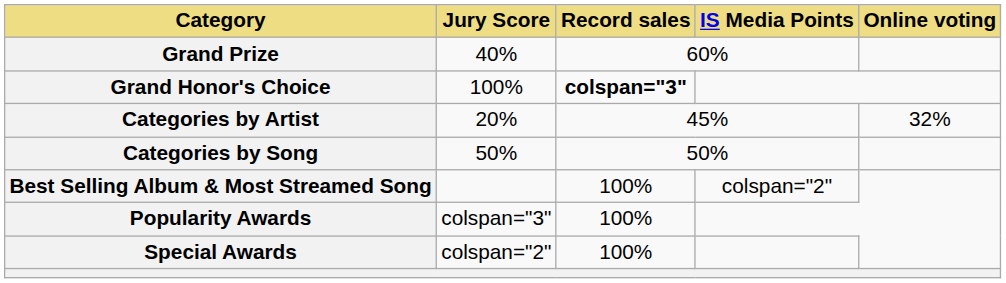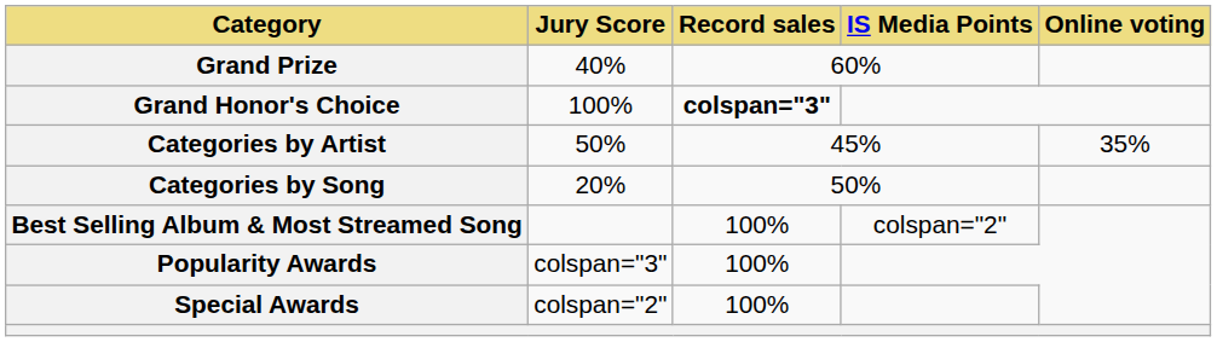 <table class="wikitable" style="text-align:center">
 <tr>
 <th scope="col" style="background-color:#EEDD82">Category</th>
 <th scope="col" style="background-color:#EEDD82">Jury Score</th>
 <th scope="col" style="background-color:#EEDD82">Record sales<br></th>
 <th scope="col" style="background-color:#EEDD82"><a href='#'>IS</a> Media Points</th>
 <th scope="col" style="background-color:#EEDD82">Online voting</th>
 </tr>
 <tr>
 <th scope="col">Grand Prize</th>
 <td>40%</td>
 <td colspan="2">60%</td>
 <td></td>
 </tr>
 <tr>
 <th scope="col">Grand Honor's Choice</th>
 <td>100%</td>
 <td><strong>colspan="3" </strong></td>
 </tr>
 <tr>
 <th scope="col">Categories by Artist</th>
-<td>20%</td>
+<td>50%</td>
 <td colspan="2">45%</td>
-<td>32%</td>
+<td>35%</td>
 </tr>
 <tr>
 <th scope="col">Categories by Song</th>
-<td>50%</td>
+<td>20%</td>
 <td colspan="2">50%</td>
 <td></td>
 </tr>
 <tr>
 <th scope="col">Best Selling Album & Most Streamed Song</th>
 <td></td>
 <td>100%</td>
 <td>colspan="2" </td>
 </tr>
 <tr>
 <th scope="col">Popularity Awards</th>
 <td>colspan="3" </td>
 <td>100%</td>
 </tr>
 <tr>
 <th scope="col">Special Awards</th>
 <td>colspan="2" </td>
 <td>100%</td>
 <td></td>
 </tr>
 <tr>
 <th colspan="5"></th>
 </tr>
 </table>
